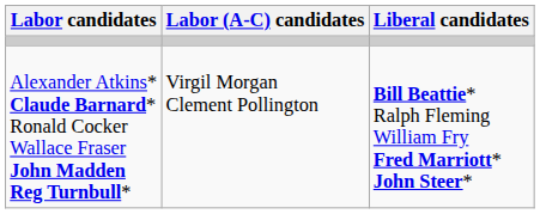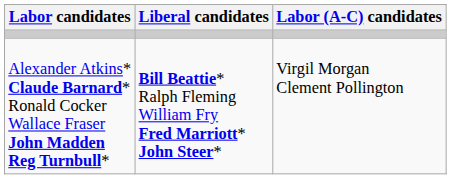 <table class="wikitable">
 <tr>
 <th><a href='#'>Labor</a> candidates</th>
+<th><a href='#'>Liberal</a> candidates</th>
 <th><a href='#'>Labor (A-C)</a> candidates</th>
-<th><a href='#'>Liberal</a> candidates</th>
 </tr>
 <tr bgcolor="#cccccc">
 <td></td>
 <td></td>
 <td></td>
 </tr>
 <tr>
 <td><br><a href='#'>Alexander Atkins</a>*<br> <strong><a href='#'>Claude Barnard</a></strong>*<br> Ronald Cocker<br> <a href='#'>Wallace Fraser</a><br> <strong><a href='#'>John Madden</a></strong><br> <strong><a href='#'>Reg Turnbull</a></strong>*</td>
+<td><br><strong><a href='#'>Bill Beattie</a></strong>*<br> Ralph Fleming<br> <a href='#'>William Fry</a><br> <strong><a href='#'>Fred Marriott</a></strong>*<br> <strong><a href='#'>John Steer</a></strong>*</td>
 <td valign=top><br>Virgil Morgan<br> Clement Pollington</td>
-<td><br><strong><a href='#'>Bill Beattie</a></strong>*<br> Ralph Fleming<br> <a href='#'>William Fry</a><br> <strong><a href='#'>Fred Marriott</a></strong>*<br> <strong><a href='#'>John Steer</a></strong>*</td>
 </tr>
 </table>
